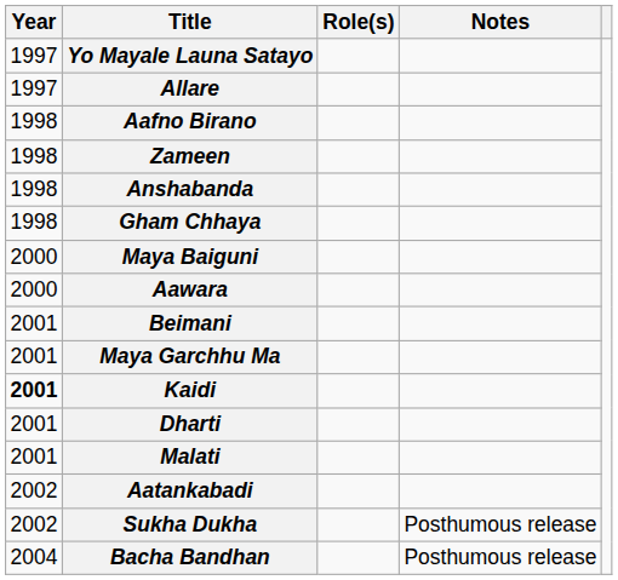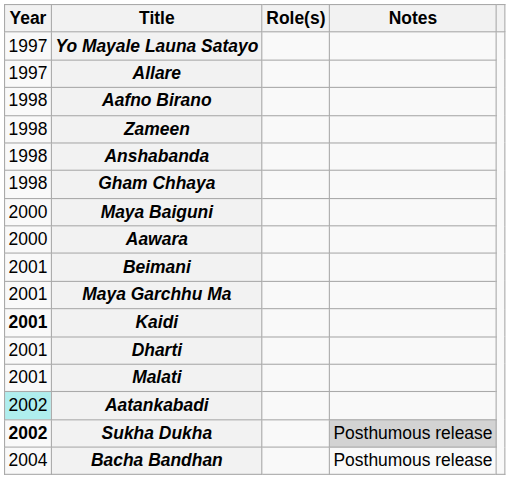 <table class="wikitable plainrowheaders sortable">
 <tr>
 <th scope="col">Year</th>
 <th scope="col">Title</th>
 <th scope="col">Role(s)</th>
 <th scope="col">Notes</th>
 <th scope="col" class="unsortable"></th>
 </tr>
 <tr>
 <td>1997</td>
 <th scope="row"><em>Yo Mayale Launa Satayo</em></th>
 <td></td>
 <td></td>
 <td style="text-align:center;" rowspan="16"></td>
 </tr>
 <tr>
 <td>1997</td>
 <th scope="row"><em>Allare</em></th>
 <td></td>
 <td></td>
 </tr>
 <tr>
 <td>1998</td>
 <th scope="row"><em>Aafno Birano</em></th>
 <td></td>
 <td></td>
 </tr>
 <tr>
 <td>1998</td>
 <th scope="row"><em>Zameen</em></th>
 <td></td>
 <td></td>
 </tr>
 <tr>
 <td>1998</td>
 <th scope="row"><em>Anshabanda</em></th>
 <td></td>
 <td></td>
 </tr>
 <tr>
 <td>1998</td>
 <th scope="row"><em>Gham Chhaya</em></th>
 <td></td>
 <td></td>
 </tr>
 <tr>
 <td>2000</td>
 <th scope="row"><em>Maya Baiguni</em></th>
 <td></td>
 <td></td>
 </tr>
 <tr>
 <td>2000</td>
 <th scope="row"><em>Aawara</em></th>
 <td></td>
 <td></td>
 </tr>
 <tr>
 <td>2001</td>
 <th scope="row"><em>Beimani</em></th>
 <td></td>
 <td></td>
 </tr>
 <tr>
 <td>2001</td>
 <th scope="row"><em>Maya Garchhu Ma</em></th>
 <td></td>
 <td></td>
 </tr>
 <tr>
 <td><strong>2001</strong></td>
 <th scope="row"><em>Kaidi</em></th>
 <td></td>
 <td></td>
 </tr>
 <tr>
 <td>2001</td>
 <th scope="row"><em>Dharti</em></th>
 <td></td>
 <td></td>
 </tr>
 <tr>
 <td>2001</td>
 <th scope="row"><em>Malati</em></th>
 <td></td>
 <td></td>
 </tr>
 <tr>
-<td>2002</td>
+<td style="background: paleturquoise;">2002</td>
 <th scope="row"><em>Aatankabadi</em></th>
 <td></td>
 <td></td>
 </tr>
 <tr>
-<td>2002</td>
+<td><strong>2002</strong></td>
 <th scope="row"><em>Sukha Dukha</em></th>
 <td></td>
-<td>Posthumous release</td>
+<td style="background: lightgrey;">Posthumous release</td>
 </tr>
 <tr>
 <td>2004</td>
 <th scope="row"><em>Bacha Bandhan</em></th>
 <td></td>
 <td>Posthumous release</td>
 </tr>
 </table>
